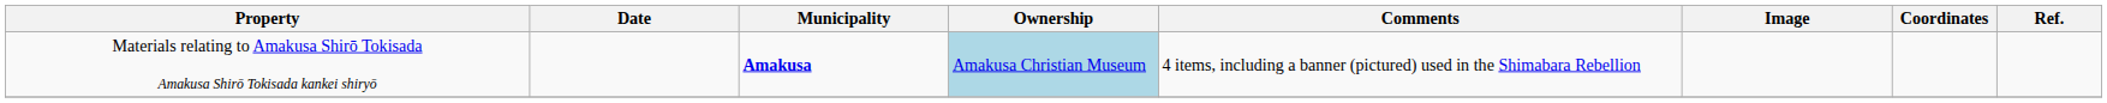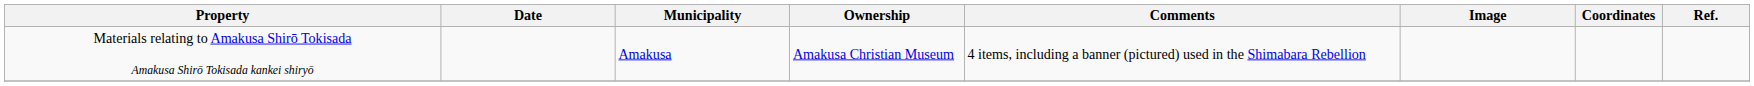 <table class="wikitable sortable"  style="width:100%;">
 <tr>
 <th width="25%" align="left">Property</th>
 <th width="10%" align="left">Date</th>
 <th width="10%" align="left">Municipality</th>
 <th width="10%" align="left">Ownership</th>
 <th width="25%" align="left" class="unsortable">Comments</th>
 <th width="10%" align="left" class="unsortable">Image</th>
 <th width="5%" align="left" class="unsortable">Coordinates</th>
 <th width="5%" align="left" class="unsortable">Ref.</th>
 </tr>
 <tr>
 <td align="center">Materials relating to <a href='#'>Amakusa Shirō Tokisada</a><br><br><small><em>Amakusa Shirō Tokisada kankei shiryō</em></small></td>
 <td></td>
-<td><strong><a href='#'>Amakusa</a></strong></td>
-<td style="background: lightblue;"><a href='#'>Amakusa Christian Museum</a></td>
+<td><a href='#'>Amakusa</a></td>
+<td><a href='#'>Amakusa Christian Museum</a></td>
 <td>4 items, including a banner (pictured) used in the <a href='#'>Shimabara Rebellion</a></td>
 <td></td>
 <td></td>
 <td></td>
 </tr>
 <tr>
 </tr>
 </table>
